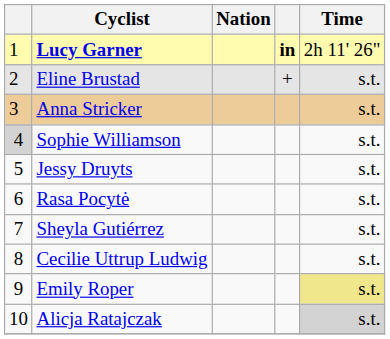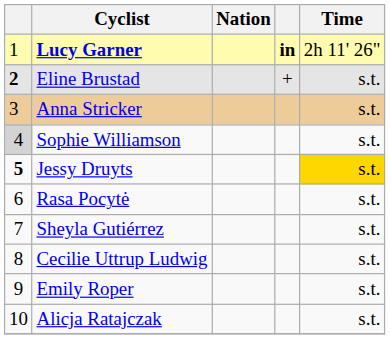 <table class="wikitable">
 <tr>
 <th scope=col></th>
 <th scope=col>Cyclist</th>
 <th scope=col>Nation</th>
 <th scope=col></th>
 <th scope=col>Time</th>
 </tr>
 <tr bgcolor=fffcaf>
 <td>1</td>
 <td><strong><a href='#'>Lucy Garner</a></strong></td>
 <td><strong></strong></td>
 <td align=center><strong>in</strong></td>
 <td align=center>2h 11' 26"</td>
 </tr>
 <tr bgcolor=e5e5e5>
-<td>2</td>
+<td><strong>2</strong></td>
 <td><a href='#'>Eline Brustad</a></td>
 <td></td>
 <td align=center>+</td>
 <td align=right>s.t.</td>
 </tr>
 <tr bgcolor=eecc99>
 <td>3</td>
 <td><a href='#'>Anna Stricker</a></td>
 <td></td>
 <td></td>
 <td align=right>s.t.</td>
 </tr>
 <tr>
 <td align=center style="background: lightgrey;">4</td>
 <td><a href='#'>Sophie Williamson</a></td>
 <td></td>
 <td></td>
 <td align=right>s.t.</td>
 </tr>
 <tr>
-<td align=center>5</td>
+<td align=center><strong>5</strong></td>
 <td><a href='#'>Jessy Druyts</a></td>
 <td></td>
 <td></td>
-<td align=right>s.t.</td>
+<td align=right style="background: gold;">s.t.</td>
 </tr>
 <tr>
 <td align=center>6</td>
 <td><a href='#'>Rasa Pocytė</a></td>
 <td></td>
 <td></td>
 <td align=right>s.t.</td>
 </tr>
 <tr>
 <td align=center>7</td>
 <td><a href='#'>Sheyla Gutiérrez</a></td>
 <td></td>
 <td></td>
 <td align=right>s.t.</td>
 </tr>
 <tr>
 <td align=center>8</td>
 <td><a href='#'>Cecilie Uttrup Ludwig</a></td>
 <td></td>
 <td></td>
 <td align=right>s.t.</td>
 </tr>
 <tr>
 <td align=center>9</td>
 <td><a href='#'>Emily Roper</a></td>
 <td></td>
 <td></td>
-<td align=right style="background: khaki;">s.t.</td>
+<td align=right>s.t.</td>
 </tr>
 <tr>
 <td align=center>10</td>
 <td><a href='#'>Alicja Ratajczak</a></td>
 <td></td>
 <td></td>
-<td align=right style="background: lightgrey;">s.t.</td>
+<td align=right>s.t.</td>
 </tr>
 <tr>
 </tr>
 </table>
